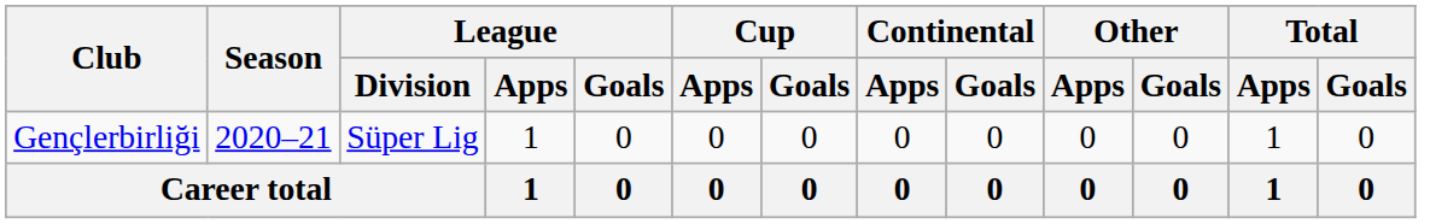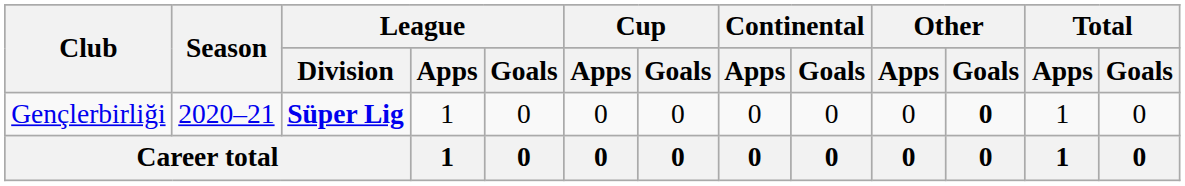 <table class="wikitable" style="text-align: center">
 <tr>
 <th rowspan="2">Club</th>
 <th rowspan="2">Season</th>
 <th colspan="3">League</th>
 <th colspan="2">Cup</th>
 <th colspan="2">Continental</th>
 <th colspan="2">Other</th>
 <th colspan="2">Total</th>
 </tr>
 <tr>
 <th>Division</th>
 <th>Apps</th>
 <th>Goals</th>
 <th>Apps</th>
 <th>Goals</th>
 <th>Apps</th>
 <th>Goals</th>
 <th>Apps</th>
 <th>Goals</th>
 <th>Apps</th>
 <th>Goals</th>
 </tr>
 <tr>
 <td><a href='#'>Gençlerbirliği</a></td>
 <td><a href='#'>2020–21</a></td>
-<td><a href='#'>Süper Lig</a></td>
+<td><strong><a href='#'>Süper Lig</a></strong></td>
 <td>1</td>
 <td>0</td>
 <td>0</td>
 <td>0</td>
 <td>0</td>
 <td>0</td>
 <td>0</td>
-<td>0</td>
+<td><strong>0</strong></td>
 <td>1</td>
 <td>0</td>
 </tr>
 <tr>
 <th colspan="3"><strong>Career total</strong></th>
 <th>1</th>
 <th>0</th>
 <th>0</th>
 <th>0</th>
 <th>0</th>
 <th>0</th>
 <th>0</th>
 <th>0</th>
 <th>1</th>
 <th>0</th>
 </tr>
 </table>
